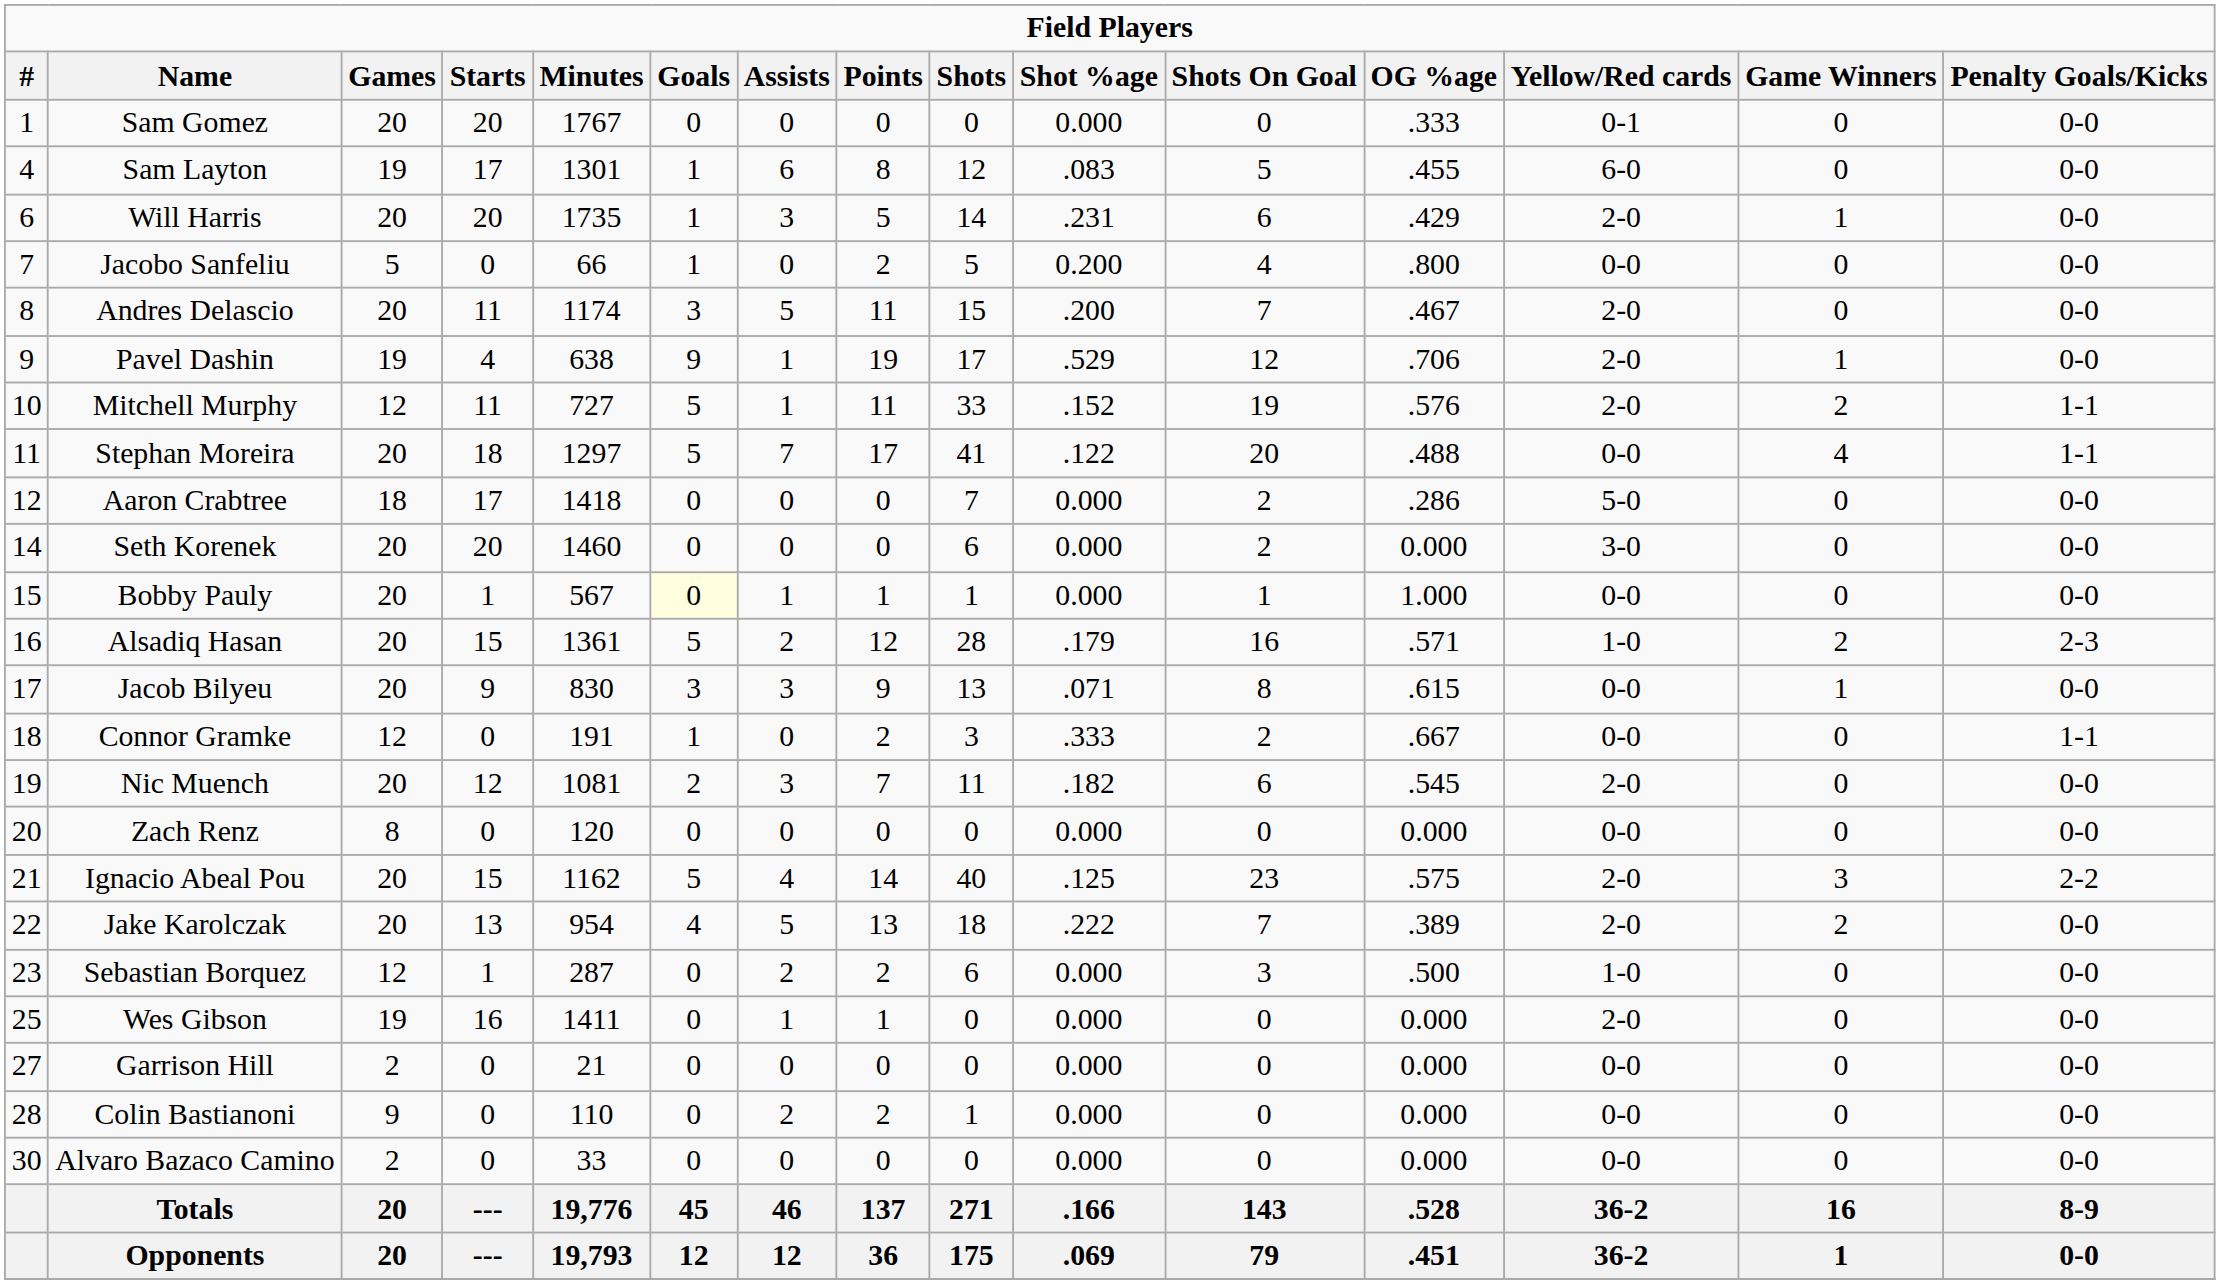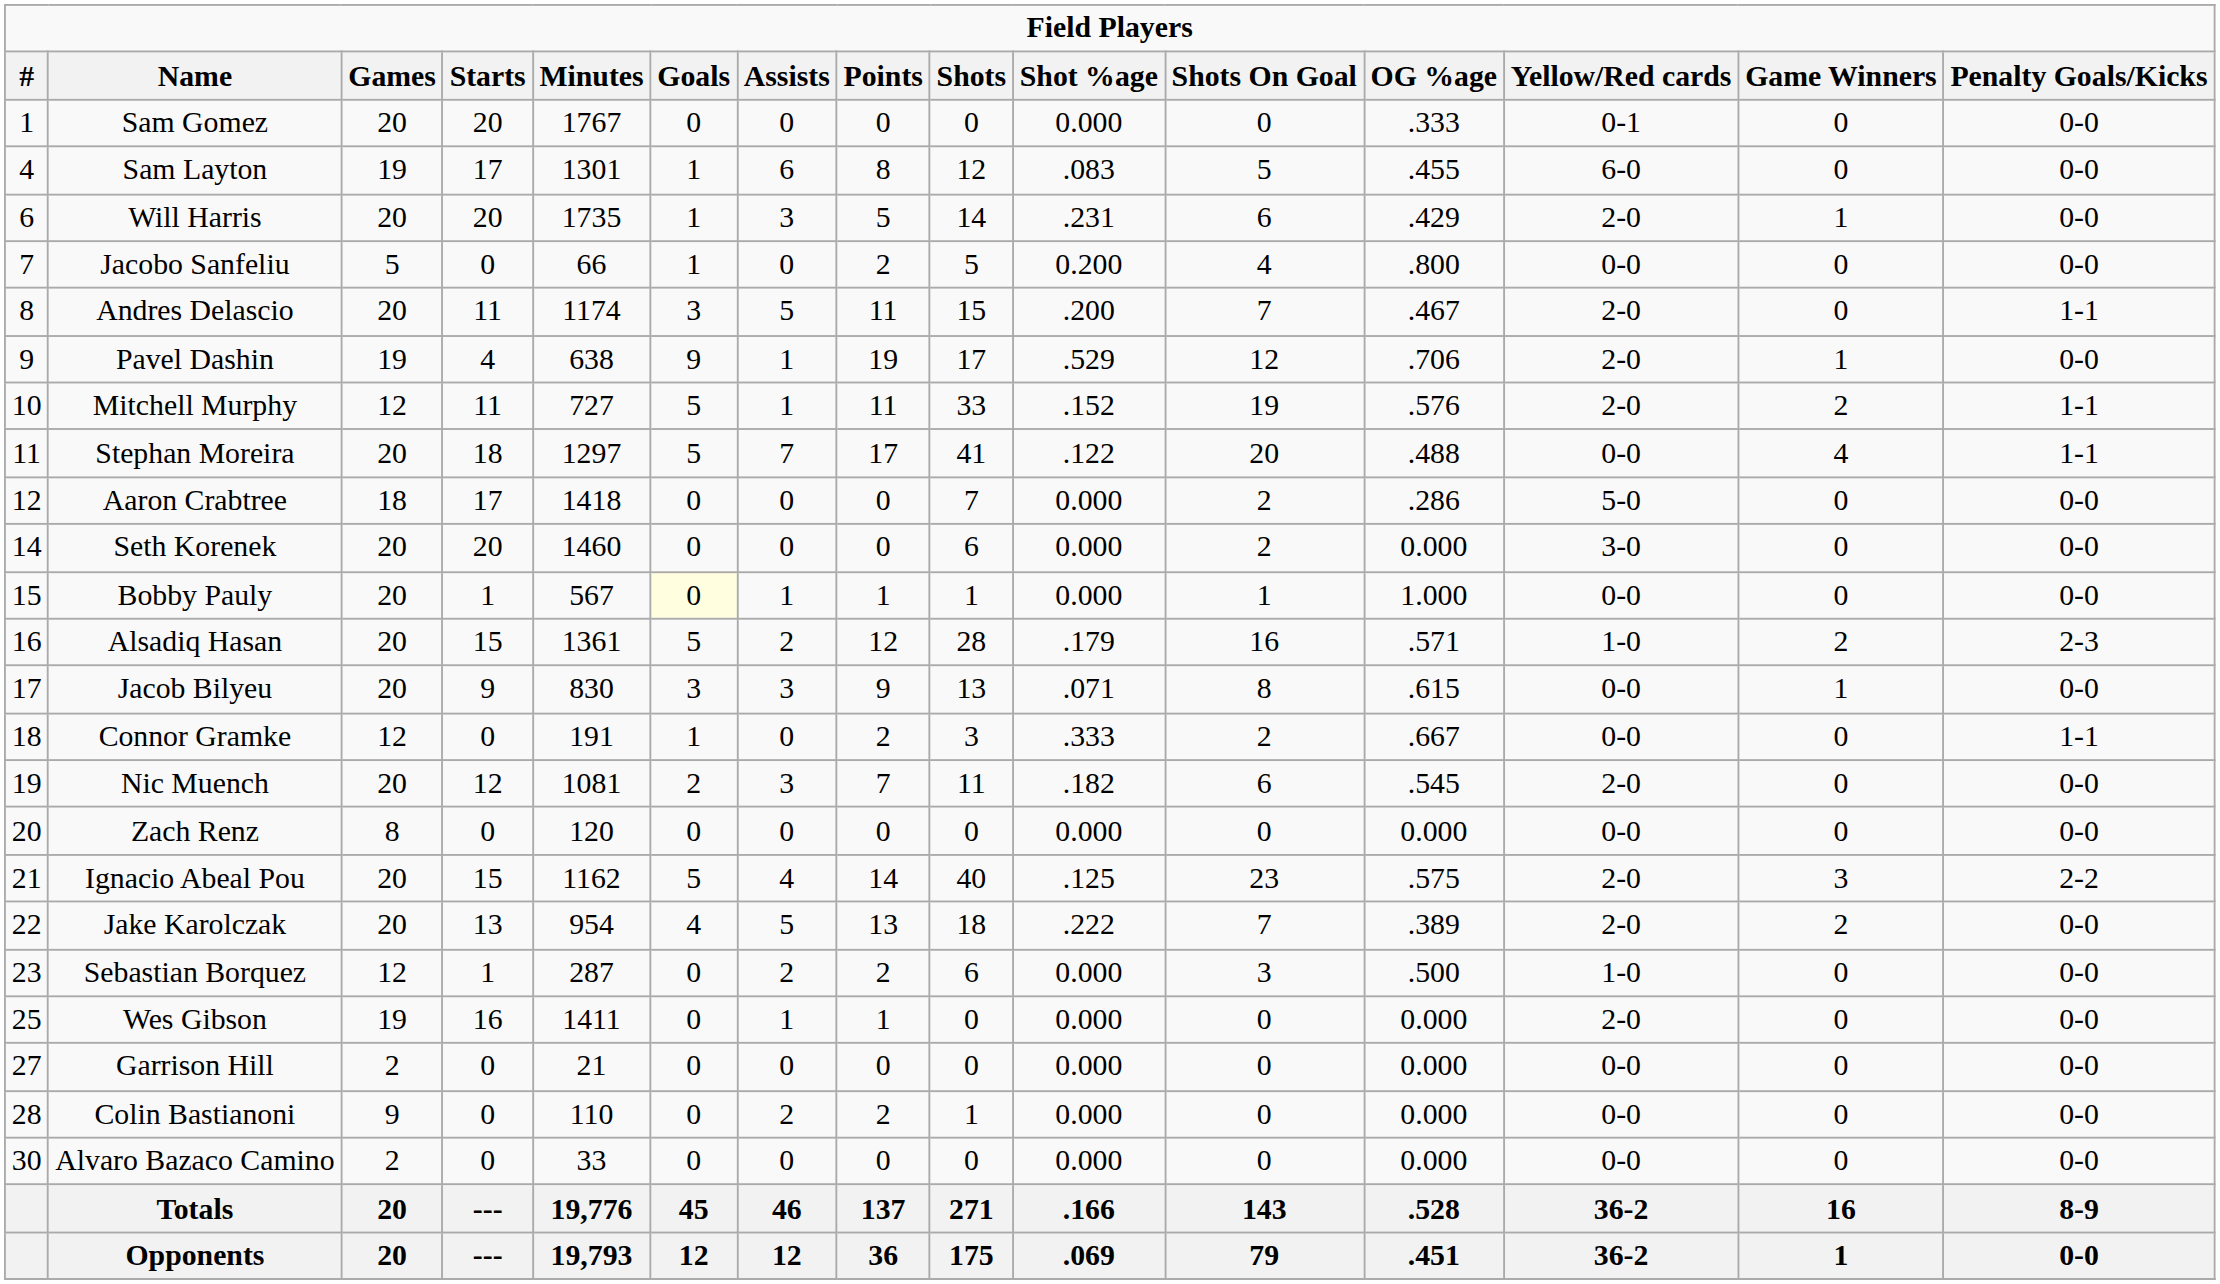 <table class="wikitable sortable" style="text-align:center; text-width:90%;">
 <tr>
 <td colspan="15"><strong>Field Players</strong></td>
 </tr>
 <tr>
 <th>#</th>
 <th>Name</th>
 <th>Games</th>
 <th>Starts</th>
 <th>Minutes</th>
 <th>Goals</th>
 <th>Assists</th>
 <th>Points</th>
 <th>Shots</th>
 <th>Shot %age</th>
 <th>Shots On Goal</th>
 <th>OG %age</th>
 <th>Yellow/Red cards</th>
 <th>Game Winners</th>
 <th>Penalty Goals/Kicks</th>
 </tr>
 <tr>
 <td>1</td>
 <td>Sam Gomez</td>
 <td>20</td>
 <td>20</td>
 <td>1767</td>
 <td>0</td>
 <td>0</td>
 <td>0</td>
 <td>0</td>
 <td>0.000</td>
 <td>0</td>
 <td>.333</td>
 <td>0-1</td>
 <td>0</td>
 <td>0-0</td>
 </tr>
 <tr>
 <td>4</td>
 <td>Sam Layton</td>
 <td>19</td>
 <td>17</td>
 <td>1301</td>
 <td>1</td>
 <td>6</td>
 <td>8</td>
 <td>12</td>
 <td>.083</td>
 <td>5</td>
 <td>.455</td>
 <td>6-0</td>
 <td>0</td>
 <td>0-0</td>
 </tr>
 <tr>
 <td>6</td>
 <td>Will Harris</td>
 <td>20</td>
 <td>20</td>
 <td>1735</td>
 <td>1</td>
 <td>3</td>
 <td>5</td>
 <td>14</td>
 <td>.231</td>
 <td>6</td>
 <td>.429</td>
 <td>2-0</td>
 <td>1</td>
 <td>0-0</td>
 </tr>
 <tr>
 <td>7</td>
 <td>Jacobo Sanfeliu</td>
 <td>5</td>
 <td>0</td>
 <td>66</td>
 <td>1</td>
 <td>0</td>
 <td>2</td>
 <td>5</td>
 <td>0.200</td>
 <td>4</td>
 <td>.800</td>
 <td>0-0</td>
 <td>0</td>
 <td>0-0</td>
 </tr>
 <tr>
 <td>8</td>
 <td>Andres Delascio</td>
 <td>20</td>
 <td>11</td>
 <td>1174</td>
 <td>3</td>
 <td>5</td>
 <td>11</td>
 <td>15</td>
 <td>.200</td>
 <td>7</td>
 <td>.467</td>
 <td>2-0</td>
 <td>0</td>
-<td>0-0</td>
+<td>1-1</td>
 </tr>
 <tr>
 <td>9</td>
 <td>Pavel Dashin</td>
 <td>19</td>
 <td>4</td>
 <td>638</td>
 <td>9</td>
 <td>1</td>
 <td>19</td>
 <td>17</td>
 <td>.529</td>
 <td>12</td>
 <td>.706</td>
 <td>2-0</td>
 <td>1</td>
 <td>0-0</td>
 </tr>
 <tr>
 <td>10</td>
 <td>Mitchell Murphy</td>
 <td>12</td>
 <td>11</td>
 <td>727</td>
 <td>5</td>
 <td>1</td>
 <td>11</td>
 <td>33</td>
 <td>.152</td>
 <td>19</td>
 <td>.576</td>
 <td>2-0</td>
 <td>2</td>
 <td>1-1</td>
 </tr>
 <tr>
 <td>11</td>
 <td>Stephan Moreira</td>
 <td>20</td>
 <td>18</td>
 <td>1297</td>
 <td>5</td>
 <td>7</td>
 <td>17</td>
 <td>41</td>
 <td>.122</td>
 <td>20</td>
 <td>.488</td>
 <td>0-0</td>
 <td>4</td>
 <td>1-1</td>
 </tr>
 <tr>
 <td>12</td>
 <td>Aaron Crabtree</td>
 <td>18</td>
 <td>17</td>
 <td>1418</td>
 <td>0</td>
 <td>0</td>
 <td>0</td>
 <td>7</td>
 <td>0.000</td>
 <td>2</td>
 <td>.286</td>
 <td>5-0</td>
 <td>0</td>
 <td>0-0</td>
 </tr>
 <tr>
 <td>14</td>
 <td>Seth Korenek</td>
 <td>20</td>
 <td>20</td>
 <td>1460</td>
 <td>0</td>
 <td>0</td>
 <td>0</td>
 <td>6</td>
 <td>0.000</td>
 <td>2</td>
 <td>0.000</td>
 <td>3-0</td>
 <td>0</td>
 <td>0-0</td>
 </tr>
 <tr>
 <td>15</td>
 <td>Bobby Pauly</td>
 <td>20</td>
 <td>1</td>
 <td>567</td>
 <td style="background: lightyellow;">0</td>
 <td>1</td>
 <td>1</td>
 <td>1</td>
 <td>0.000</td>
 <td>1</td>
 <td>1.000</td>
 <td>0-0</td>
 <td>0</td>
 <td>0-0</td>
 </tr>
 <tr>
 <td>16</td>
 <td>Alsadiq Hasan</td>
 <td>20</td>
 <td>15</td>
 <td>1361</td>
 <td>5</td>
 <td>2</td>
 <td>12</td>
 <td>28</td>
 <td>.179</td>
 <td>16</td>
 <td>.571</td>
 <td>1-0</td>
 <td>2</td>
 <td>2-3</td>
 </tr>
 <tr>
 <td>17</td>
 <td>Jacob Bilyeu</td>
 <td>20</td>
 <td>9</td>
 <td>830</td>
 <td>3</td>
 <td>3</td>
 <td>9</td>
 <td>13</td>
 <td>.071</td>
 <td>8</td>
 <td>.615</td>
 <td>0-0</td>
 <td>1</td>
 <td>0-0</td>
 </tr>
 <tr>
 <td>18</td>
 <td>Connor Gramke</td>
 <td>12</td>
 <td>0</td>
 <td>191</td>
 <td>1</td>
 <td>0</td>
 <td>2</td>
 <td>3</td>
 <td>.333</td>
 <td>2</td>
 <td>.667</td>
 <td>0-0</td>
 <td>0</td>
 <td>1-1</td>
 </tr>
 <tr>
 <td>19</td>
 <td>Nic Muench</td>
 <td>20</td>
 <td>12</td>
 <td>1081</td>
 <td>2</td>
 <td>3</td>
 <td>7</td>
 <td>11</td>
 <td>.182</td>
 <td>6</td>
 <td>.545</td>
 <td>2-0</td>
 <td>0</td>
 <td>0-0</td>
 </tr>
 <tr>
 <td>20</td>
 <td>Zach Renz</td>
 <td>8</td>
 <td>0</td>
 <td>120</td>
 <td>0</td>
 <td>0</td>
 <td>0</td>
 <td>0</td>
 <td>0.000</td>
 <td>0</td>
 <td>0.000</td>
 <td>0-0</td>
 <td>0</td>
 <td>0-0</td>
 </tr>
 <tr>
 <td>21</td>
 <td>Ignacio Abeal Pou</td>
 <td>20</td>
 <td>15</td>
 <td>1162</td>
 <td>5</td>
 <td>4</td>
 <td>14</td>
 <td>40</td>
 <td>.125</td>
 <td>23</td>
 <td>.575</td>
 <td>2-0</td>
 <td>3</td>
 <td>2-2</td>
 </tr>
 <tr>
 <td>22</td>
 <td>Jake Karolczak</td>
 <td>20</td>
 <td>13</td>
 <td>954</td>
 <td>4</td>
 <td>5</td>
 <td>13</td>
 <td>18</td>
 <td>.222</td>
 <td>7</td>
 <td>.389</td>
 <td>2-0</td>
 <td>2</td>
 <td>0-0</td>
 </tr>
 <tr>
 <td>23</td>
 <td>Sebastian Borquez</td>
 <td>12</td>
 <td>1</td>
 <td>287</td>
 <td>0</td>
 <td>2</td>
 <td>2</td>
 <td>6</td>
 <td>0.000</td>
 <td>3</td>
 <td>.500</td>
 <td>1-0</td>
 <td>0</td>
 <td>0-0</td>
 </tr>
 <tr>
 <td>25</td>
 <td>Wes Gibson</td>
 <td>19</td>
 <td>16</td>
 <td>1411</td>
 <td>0</td>
 <td>1</td>
 <td>1</td>
 <td>0</td>
 <td>0.000</td>
 <td>0</td>
 <td>0.000</td>
 <td>2-0</td>
 <td>0</td>
 <td>0-0</td>
 </tr>
 <tr>
 <td>27</td>
 <td>Garrison Hill</td>
 <td>2</td>
 <td>0</td>
 <td>21</td>
 <td>0</td>
 <td>0</td>
 <td>0</td>
 <td>0</td>
 <td>0.000</td>
 <td>0</td>
 <td>0.000</td>
 <td>0-0</td>
 <td>0</td>
 <td>0-0</td>
 </tr>
 <tr>
 <td>28</td>
 <td>Colin Bastianoni</td>
 <td>9</td>
 <td>0</td>
 <td>110</td>
 <td>0</td>
 <td>2</td>
 <td>2</td>
 <td>1</td>
 <td>0.000</td>
 <td>0</td>
 <td>0.000</td>
 <td>0-0</td>
 <td>0</td>
 <td>0-0</td>
 </tr>
 <tr>
 <td>30</td>
 <td>Alvaro Bazaco Camino</td>
 <td>2</td>
 <td>0</td>
 <td>33</td>
 <td>0</td>
 <td>0</td>
 <td>0</td>
 <td>0</td>
 <td>0.000</td>
 <td>0</td>
 <td>0.000</td>
 <td>0-0</td>
 <td>0</td>
 <td>0-0</td>
 </tr>
 <tr>
 <th></th>
 <th>Totals</th>
 <th>20</th>
 <th>---</th>
 <th>19,776</th>
 <th>45</th>
 <th>46</th>
 <th>137</th>
 <th>271</th>
 <th>.166</th>
 <th>143</th>
 <th>.528</th>
 <th>36-2</th>
 <th>16</th>
 <th>8-9</th>
 </tr>
 <tr>
 <th></th>
 <th>Opponents</th>
 <th>20</th>
 <th>---</th>
 <th>19,793</th>
 <th>12</th>
 <th>12</th>
 <th>36</th>
 <th>175</th>
 <th>.069</th>
 <th>79</th>
 <th>.451</th>
 <th>36-2</th>
 <th>1</th>
 <th>0-0</th>
 </tr>
 <tr>
 </tr>
 </table>
